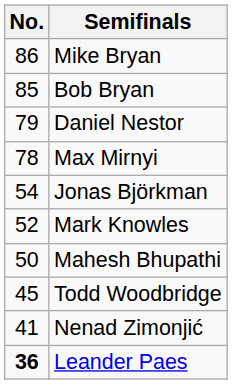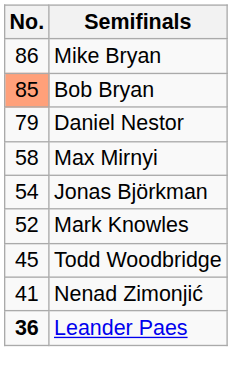 <table class="wikitable nowrap" style="text-align:center; display:inline-table">
 <tr>
 <th scope="col" style="width:20">No.</th>
 <th scope="col">Semifinals</th>
 </tr>
 <tr>
 <td>86</td>
 <td style="text-align: left;"> Mike Bryan</td>
 </tr>
 <tr>
-<td>85</td>
+<td style="background: lightsalmon;">85</td>
 <td style="text-align: left;"> Bob Bryan</td>
 </tr>
 <tr>
 <td>79</td>
 <td style="text-align: left;"> Daniel Nestor</td>
 </tr>
 <tr>
-<td>78</td>
+<td>58</td>
 <td style="text-align: left;"> Max Mirnyi</td>
 </tr>
 <tr>
 <td>54</td>
 <td style="text-align: left;"> Jonas Björkman</td>
 </tr>
 <tr>
 <td>52</td>
 <td style="text-align: left;"> Mark Knowles</td>
-</tr>
-<tr>
-<td>50</td>
-<td style="text-align: left;"> Mahesh Bhupathi</td>
 </tr>
 <tr>
 <td>45</td>
 <td style="text-align: left;"> Todd Woodbridge</td>
 </tr>
 <tr>
 <td>41</td>
 <td style="text-align: left;"> Nenad Zimonjić</td>
 </tr>
 <tr>
 <td><strong>36</strong></td>
 <td style="text-align: left;"> <a href='#'>Leander Paes</a></td>
 </tr>
 </table>
